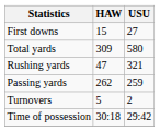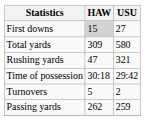 <table class="wikitable" style="float: left;">
 <tr>
 <th>Statistics</th>
 <th>HAW</th>
 <th>USU</th>
 </tr>
 <tr>
 <td>First downs</td>
-<td>15</td>
+<td style="background: lightgrey;">15</td>
 <td>27</td>
 </tr>
 <tr>
 <td>Total yards</td>
 <td>309</td>
 <td>580</td>
 </tr>
 <tr>
 <td>Rushing yards</td>
 <td>47</td>
 <td>321</td>
 </tr>
 <tr>
-<td>Passing yards</td>
-<td>262</td>
-<td>259</td>
+<td>Time of possession</td>
+<td>30:18</td>
+<td>29:42</td>
 </tr>
 <tr>
 <td>Turnovers</td>
 <td>5</td>
 <td>2</td>
 </tr>
 <tr>
-<td>Time of possession</td>
-<td>30:18</td>
-<td>29:42</td>
+<td>Passing yards</td>
+<td>262</td>
+<td>259</td>
 </tr>
 <tr>
 </tr>
 </table>
